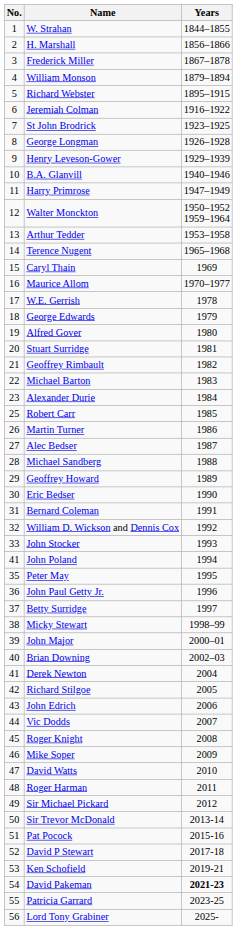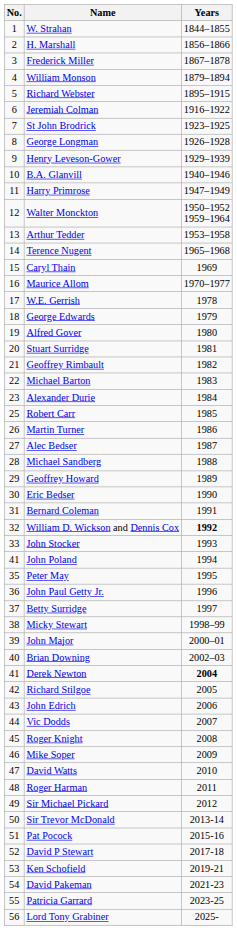 <table class="wikitable" style="text-align: center;">
 <tr>
 <th>No.</th>
 <th>Name</th>
 <th>Years</th>
 </tr>
 <tr>
 <td>1</td>
 <td align="left"><a href='#'>W. Strahan</a></td>
 <td>1844–1855</td>
 </tr>
 <tr>
 <td>2</td>
 <td align="left"><a href='#'>H. Marshall</a></td>
 <td>1856–1866</td>
 </tr>
 <tr>
 <td>3</td>
 <td align="left"><a href='#'>Frederick Miller</a></td>
 <td>1867–1878</td>
 </tr>
 <tr>
 <td>4</td>
 <td align="left"><a href='#'>William Monson</a></td>
 <td>1879–1894</td>
 </tr>
 <tr>
 <td>5</td>
 <td align="left"><a href='#'>Richard Webster</a></td>
 <td>1895–1915</td>
 </tr>
 <tr>
 <td>6</td>
 <td align="left"><a href='#'>Jeremiah Colman</a></td>
 <td>1916–1922</td>
 </tr>
 <tr>
 <td>7</td>
 <td align="left"><a href='#'>St John Brodrick</a></td>
 <td>1923–1925</td>
 </tr>
 <tr>
 <td>8</td>
 <td align="left"><a href='#'>George Longman</a></td>
 <td>1926–1928</td>
 </tr>
 <tr>
 <td>9</td>
 <td align="left"><a href='#'>Henry Leveson-Gower</a></td>
 <td>1929–1939</td>
 </tr>
 <tr>
 <td>10</td>
 <td align="left"><a href='#'>B.A. Glanvill</a></td>
 <td>1940–1946</td>
 </tr>
 <tr>
 <td>11</td>
 <td align="left"><a href='#'>Harry Primrose</a></td>
 <td>1947–1949</td>
 </tr>
 <tr>
 <td>12</td>
 <td align="left"><a href='#'>Walter Monckton</a></td>
 <td>1950–1952<br>1959–1964</td>
 </tr>
 <tr>
 <td>13</td>
 <td align="left"><a href='#'>Arthur Tedder</a></td>
 <td>1953–1958</td>
 </tr>
 <tr>
 <td>14</td>
 <td align="left"><a href='#'>Terence Nugent</a></td>
 <td>1965–1968</td>
 </tr>
 <tr>
 <td>15</td>
 <td align="left"><a href='#'>Caryl Thain</a></td>
 <td>1969</td>
 </tr>
 <tr>
 <td>16</td>
 <td align="left"><a href='#'>Maurice Allom</a></td>
 <td>1970–1977</td>
 </tr>
 <tr>
 <td>17</td>
 <td align="left"><a href='#'>W.E. Gerrish</a></td>
 <td>1978</td>
 </tr>
 <tr>
 <td>18</td>
 <td align="left"><a href='#'>George Edwards</a></td>
 <td>1979</td>
 </tr>
 <tr>
 <td>19</td>
 <td align="left"><a href='#'>Alfred Gover</a></td>
 <td>1980</td>
 </tr>
 <tr>
 <td>20</td>
 <td align="left"><a href='#'>Stuart Surridge</a></td>
 <td>1981</td>
 </tr>
 <tr>
 <td>21</td>
 <td align="left"><a href='#'>Geoffrey Rimbault</a></td>
 <td>1982</td>
 </tr>
 <tr>
 <td>22</td>
 <td align="left"><a href='#'>Michael Barton</a></td>
 <td>1983</td>
 </tr>
 <tr>
 <td>23</td>
 <td align="left"><a href='#'>Alexander Durie</a></td>
 <td>1984</td>
 </tr>
 <tr>
 <td>25</td>
 <td align="left"><a href='#'>Robert Carr</a></td>
 <td>1985</td>
 </tr>
 <tr>
 <td>26</td>
 <td align="left"><a href='#'>Martin Turner</a></td>
 <td>1986</td>
 </tr>
 <tr>
 <td>27</td>
 <td align="left"><a href='#'>Alec Bedser</a></td>
 <td>1987</td>
 </tr>
 <tr>
 <td>28</td>
 <td align="left"><a href='#'>Michael Sandberg</a></td>
 <td>1988</td>
 </tr>
 <tr>
 <td>29</td>
 <td align="left"><a href='#'>Geoffrey Howard</a></td>
 <td>1989</td>
 </tr>
 <tr>
 <td>30</td>
 <td align="left"><a href='#'>Eric Bedser</a></td>
 <td>1990</td>
 </tr>
 <tr>
 <td>31</td>
 <td align="left"><a href='#'>Bernard Coleman</a></td>
 <td>1991</td>
 </tr>
 <tr>
 <td>32</td>
 <td align="left"><a href='#'>William D. Wickson</a> and <a href='#'>Dennis Cox</a></td>
-<td>1992</td>
+<td><strong>1992</strong></td>
 </tr>
 <tr>
 <td>33</td>
 <td align="left"><a href='#'>John Stocker</a></td>
 <td>1993</td>
 </tr>
 <tr>
 <td>41</td>
 <td align="left"><a href='#'>John Poland</a></td>
 <td>1994</td>
 </tr>
 <tr>
 <td>35</td>
 <td align="left"><a href='#'>Peter May</a></td>
 <td>1995</td>
 </tr>
 <tr>
 <td>36</td>
 <td align="left"><a href='#'>John Paul Getty Jr.</a></td>
 <td>1996</td>
 </tr>
 <tr>
 <td>37</td>
 <td align="left"><a href='#'>Betty Surridge</a></td>
 <td>1997</td>
 </tr>
 <tr>
 <td>38</td>
 <td align="left"><a href='#'>Micky Stewart</a></td>
 <td>1998–99</td>
 </tr>
 <tr>
 <td>39</td>
 <td align="left"><a href='#'>John Major</a></td>
 <td>2000–01</td>
 </tr>
 <tr>
 <td>40</td>
 <td align="left"><a href='#'>Brian Downing</a></td>
 <td>2002–03</td>
 </tr>
 <tr>
 <td>41</td>
 <td align="left"><a href='#'>Derek Newton</a></td>
-<td>2004</td>
+<td><strong>2004</strong></td>
 </tr>
 <tr>
 <td>42</td>
 <td align="left"><a href='#'>Richard Stilgoe</a></td>
 <td>2005</td>
 </tr>
 <tr>
 <td>43</td>
 <td align="left"><a href='#'>John Edrich</a></td>
 <td>2006</td>
 </tr>
 <tr>
 <td>44</td>
 <td align="left"><a href='#'>Vic Dodds</a></td>
 <td>2007</td>
 </tr>
 <tr>
 <td>45</td>
 <td align="left"><a href='#'>Roger Knight</a></td>
 <td>2008</td>
 </tr>
 <tr>
 <td>46</td>
 <td align="left"><a href='#'>Mike Soper</a></td>
 <td>2009</td>
 </tr>
 <tr>
 <td>47</td>
 <td align="left"><a href='#'>David Watts</a></td>
 <td>2010</td>
 </tr>
 <tr>
 <td>48</td>
 <td align="left"><a href='#'>Roger Harman</a></td>
 <td>2011</td>
 </tr>
 <tr>
 <td>49</td>
 <td align="left"><a href='#'>Sir Michael Pickard</a></td>
 <td>2012</td>
 </tr>
 <tr>
 <td>50</td>
 <td align="left"><a href='#'>Sir Trevor McDonald</a></td>
 <td>2013-14</td>
 </tr>
 <tr>
 <td>51</td>
 <td align="left"><a href='#'>Pat Pocock</a></td>
 <td>2015-16</td>
 </tr>
 <tr>
 <td>52</td>
 <td align="left"><a href='#'>David P Stewart</a></td>
 <td>2017-18</td>
 </tr>
 <tr>
 <td>53</td>
 <td align="left"><a href='#'>Ken Schofield</a></td>
 <td>2019-21</td>
 </tr>
 <tr>
 <td>54</td>
 <td align="left"><a href='#'>David Pakeman</a></td>
-<td><strong>2021-23</strong></td>
+<td>2021-23</td>
 </tr>
 <tr>
 <td>55</td>
 <td align="left"><a href='#'>Patricia Garrard</a></td>
 <td>2023-25</td>
 </tr>
 <tr>
 <td>56</td>
 <td align="left"><a href='#'>Lord Tony Grabiner</a></td>
 <td>2025-</td>
 </tr>
 </table>
